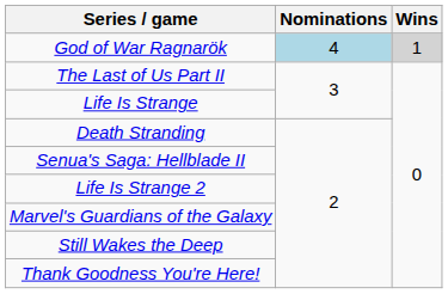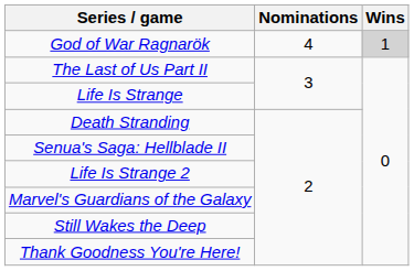 <table class="wikitable sortable plainrowheaders" style="text-align:center;">
 <tr>
 <th scope="col">Series / game</th>
 <th scope="col">Nominations</th>
 <th scope="col">Wins</th>
 </tr>
 <tr>
 <td><em><a href='#'>God of War Ragnarök</a></em></td>
-<td style="background: lightblue;">4</td>
+<td>4</td>
 <td style="background: lightgrey;">1</td>
 </tr>
 <tr>
 <td><em><a href='#'>The Last of Us Part II</a></em></td>
 <td rowspan="2">3</td>
 <td rowspan="8">0</td>
 </tr>
 <tr>
 <td><em><a href='#'>Life Is Strange</a></em></td>
 </tr>
 <tr>
 <td><em><a href='#'>Death Stranding</a></em></td>
 <td rowspan="6">2</td>
 </tr>
 <tr>
 <td><em><a href='#'>Senua's Saga: Hellblade II</a></em></td>
 </tr>
 <tr>
 <td><em><a href='#'>Life Is Strange 2</a></em></td>
 </tr>
 <tr>
 <td><em><a href='#'>Marvel's Guardians of the Galaxy</a></em></td>
 </tr>
 <tr>
 <td><em><a href='#'>Still Wakes the Deep</a></em></td>
 </tr>
 <tr>
 <td><em><a href='#'>Thank Goodness You're Here!</a></em></td>
 </tr>
 </table>
